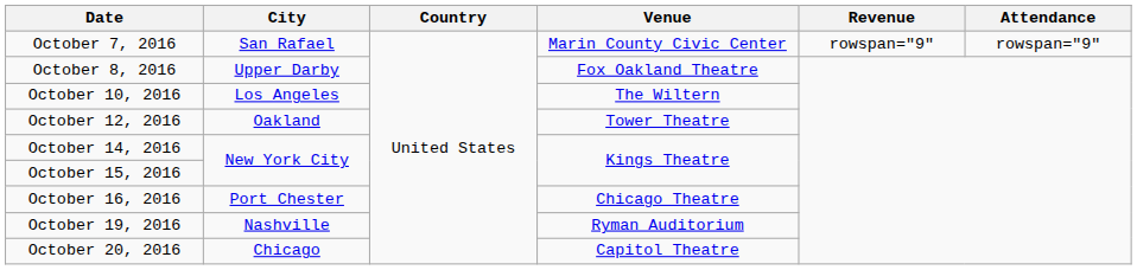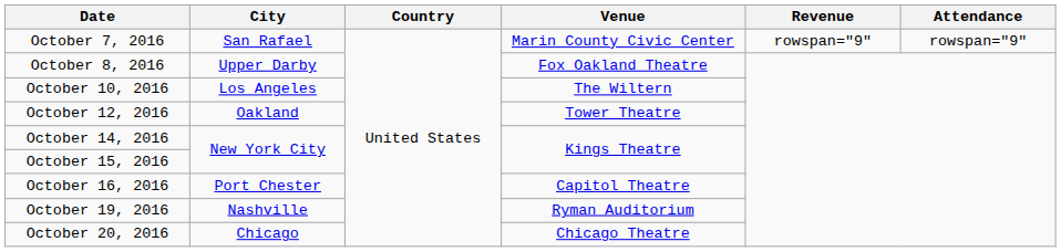 <table class="wikitable" style="text-align:center;">
 <tr>
 <th scope="col" style="width:12em;">Date</th>
 <th scope="col" style="width:10em;">City</th>
 <th scope="col" style="width:10em;">Country</th>
 <th scope="col" style="width:16em;">Venue</th>
 <th scope="col" style="width:10em;">Revenue</th>
 <th scope="col" style="width:10em;">Attendance</th>
 </tr>
 <tr>
 <td>October 7, 2016</td>
 <td><a href='#'>San Rafael</a></td>
 <td rowspan="9">United States</td>
 <td><a href='#'>Marin County Civic Center</a></td>
 <td>rowspan="9" </td>
 <td>rowspan="9" </td>
 </tr>
 <tr>
 <td>October 8, 2016</td>
 <td><a href='#'>Upper Darby</a></td>
 <td><a href='#'>Fox Oakland Theatre</a></td>
 </tr>
 <tr>
 <td>October 10, 2016</td>
 <td><a href='#'>Los Angeles</a></td>
 <td><a href='#'>The Wiltern</a></td>
 </tr>
 <tr>
 <td>October 12, 2016</td>
 <td><a href='#'>Oakland</a></td>
 <td><a href='#'>Tower Theatre</a></td>
 </tr>
 <tr>
 <td>October 14, 2016</td>
 <td rowspan="2"><a href='#'>New York City</a></td>
 <td rowspan="2"><a href='#'>Kings Theatre</a></td>
 </tr>
 <tr>
 <td>October 15, 2016</td>
 </tr>
 <tr>
 <td>October 16, 2016</td>
 <td><a href='#'>Port Chester</a></td>
-<td><a href='#'>Chicago Theatre</a></td>
+<td><a href='#'>Capitol Theatre</a></td>
 </tr>
 <tr>
 <td>October 19, 2016</td>
 <td><a href='#'>Nashville</a></td>
 <td><a href='#'>Ryman Auditorium</a></td>
 </tr>
 <tr>
 <td>October 20, 2016</td>
 <td><a href='#'>Chicago</a></td>
-<td><a href='#'>Capitol Theatre</a></td>
+<td><a href='#'>Chicago Theatre</a></td>
 </tr>
 </table>
